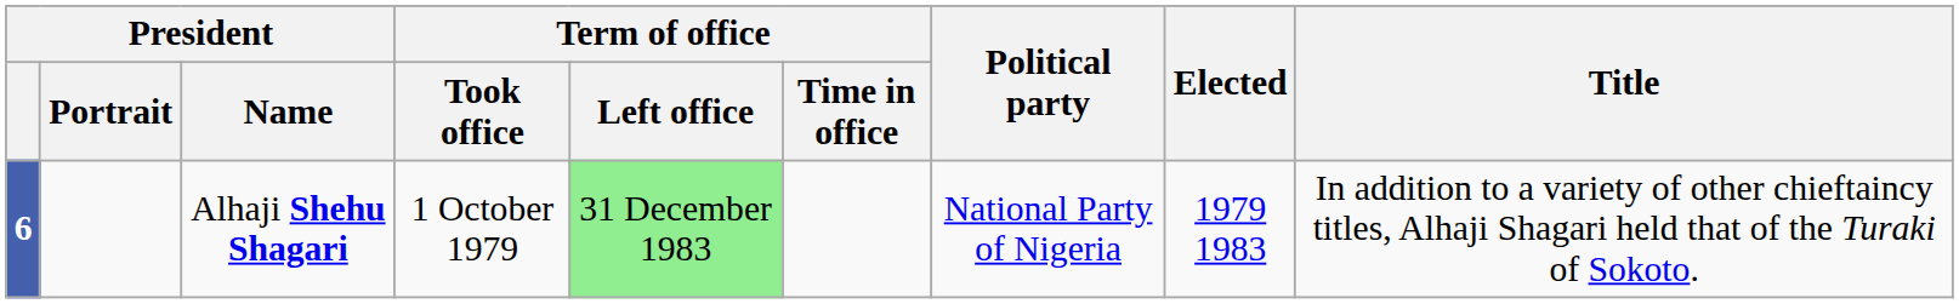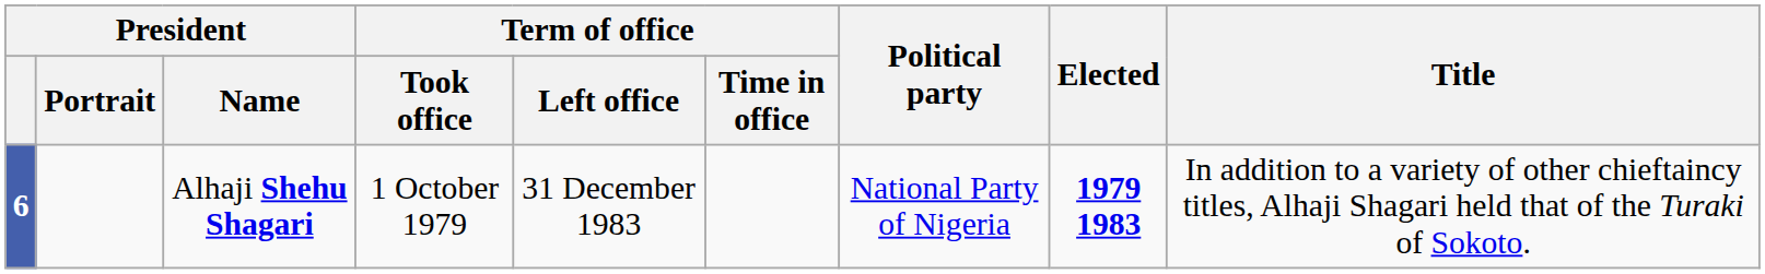 <table class="wikitable" style="text-align:center">
 <tr>
 <th colspan=3>President</th>
 <th colspan=3>Term of office</th>
 <th rowspan=2>Political party</th>
 <th rowspan=2>Elected</th>
 <th rowspan=2>Title</th>
 </tr>
 <tr>
 <th></th>
 <th>Portrait</th>
 <th>Name<br></th>
 <th>Took office</th>
 <th>Left office</th>
 <th>Time in office</th>
 </tr>
 <tr>
 <th style="background:#445FAC; color:white;">6</th>
 <td></td>
 <td>Alhaji <strong><a href='#'>Shehu Shagari</a></strong><br></td>
 <td>1 October 1979</td>
-<td style="background: lightgreen;">31 December 1983<br></td>
+<td>31 December 1983<br></td>
 <td></td>
 <td><a href='#'>National Party of Nigeria</a></td>
-<td><a href='#'>1979</a><br><a href='#'>1983</a></td>
+<td><strong><a href='#'>1979</a><br><a href='#'>1983</a></strong></td>
 <td>In addition to a variety of other chieftaincy titles, Alhaji Shagari held that of the <em>Turaki</em> of <a href='#'>Sokoto</a>.</td>
 </tr>
 </table>
